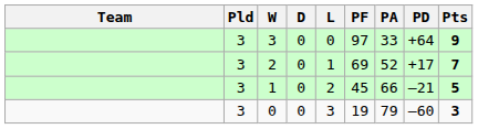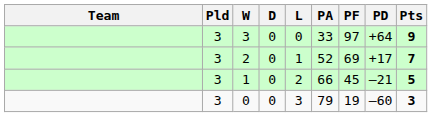 <table class="wikitable" style="text-align:center;">
 <tr>
 <th width=190>Team</th>
 <th width=20 abbr="Played">Pld</th>
 <th width=20 abbr="Won">W</th>
 <th width=20 abbr="Drawn">D</th>
 <th width=20 abbr="Lost">L</th>
+<th width=20 abbr="Points against">PA</th>
 <th width=20 abbr="Points for">PF</th>
-<th width=20 abbr="Points against">PA</th>
 <th width=25 abbr="Points difference">PD</th>
 <th width=20 abbr="Points">Pts</th>
 </tr>
 <tr style="background:#ccffcc">
 <td align=left></td>
 <td>3</td>
 <td>3</td>
 <td>0</td>
 <td>0</td>
+<td>33</td>
 <td>97</td>
-<td>33</td>
 <td>+64</td>
 <td><strong>9</strong></td>
 </tr>
 <tr style="background:#ccffcc">
 <td align=left></td>
 <td>3</td>
 <td>2</td>
 <td>0</td>
 <td>1</td>
+<td>52</td>
 <td>69</td>
-<td>52</td>
 <td>+17</td>
 <td><strong>7</strong></td>
 </tr>
 <tr style="background:#ccffcc">
 <td align=left></td>
 <td>3</td>
 <td>1</td>
 <td>0</td>
 <td>2</td>
+<td>66</td>
 <td>45</td>
-<td>66</td>
 <td>–21</td>
 <td><strong>5</strong></td>
 </tr>
 <tr>
 <td align=left></td>
 <td>3</td>
 <td>0</td>
 <td>0</td>
 <td>3</td>
+<td>79</td>
 <td>19</td>
-<td>79</td>
 <td>–60</td>
 <td><strong>3</strong></td>
 </tr>
 </table>
